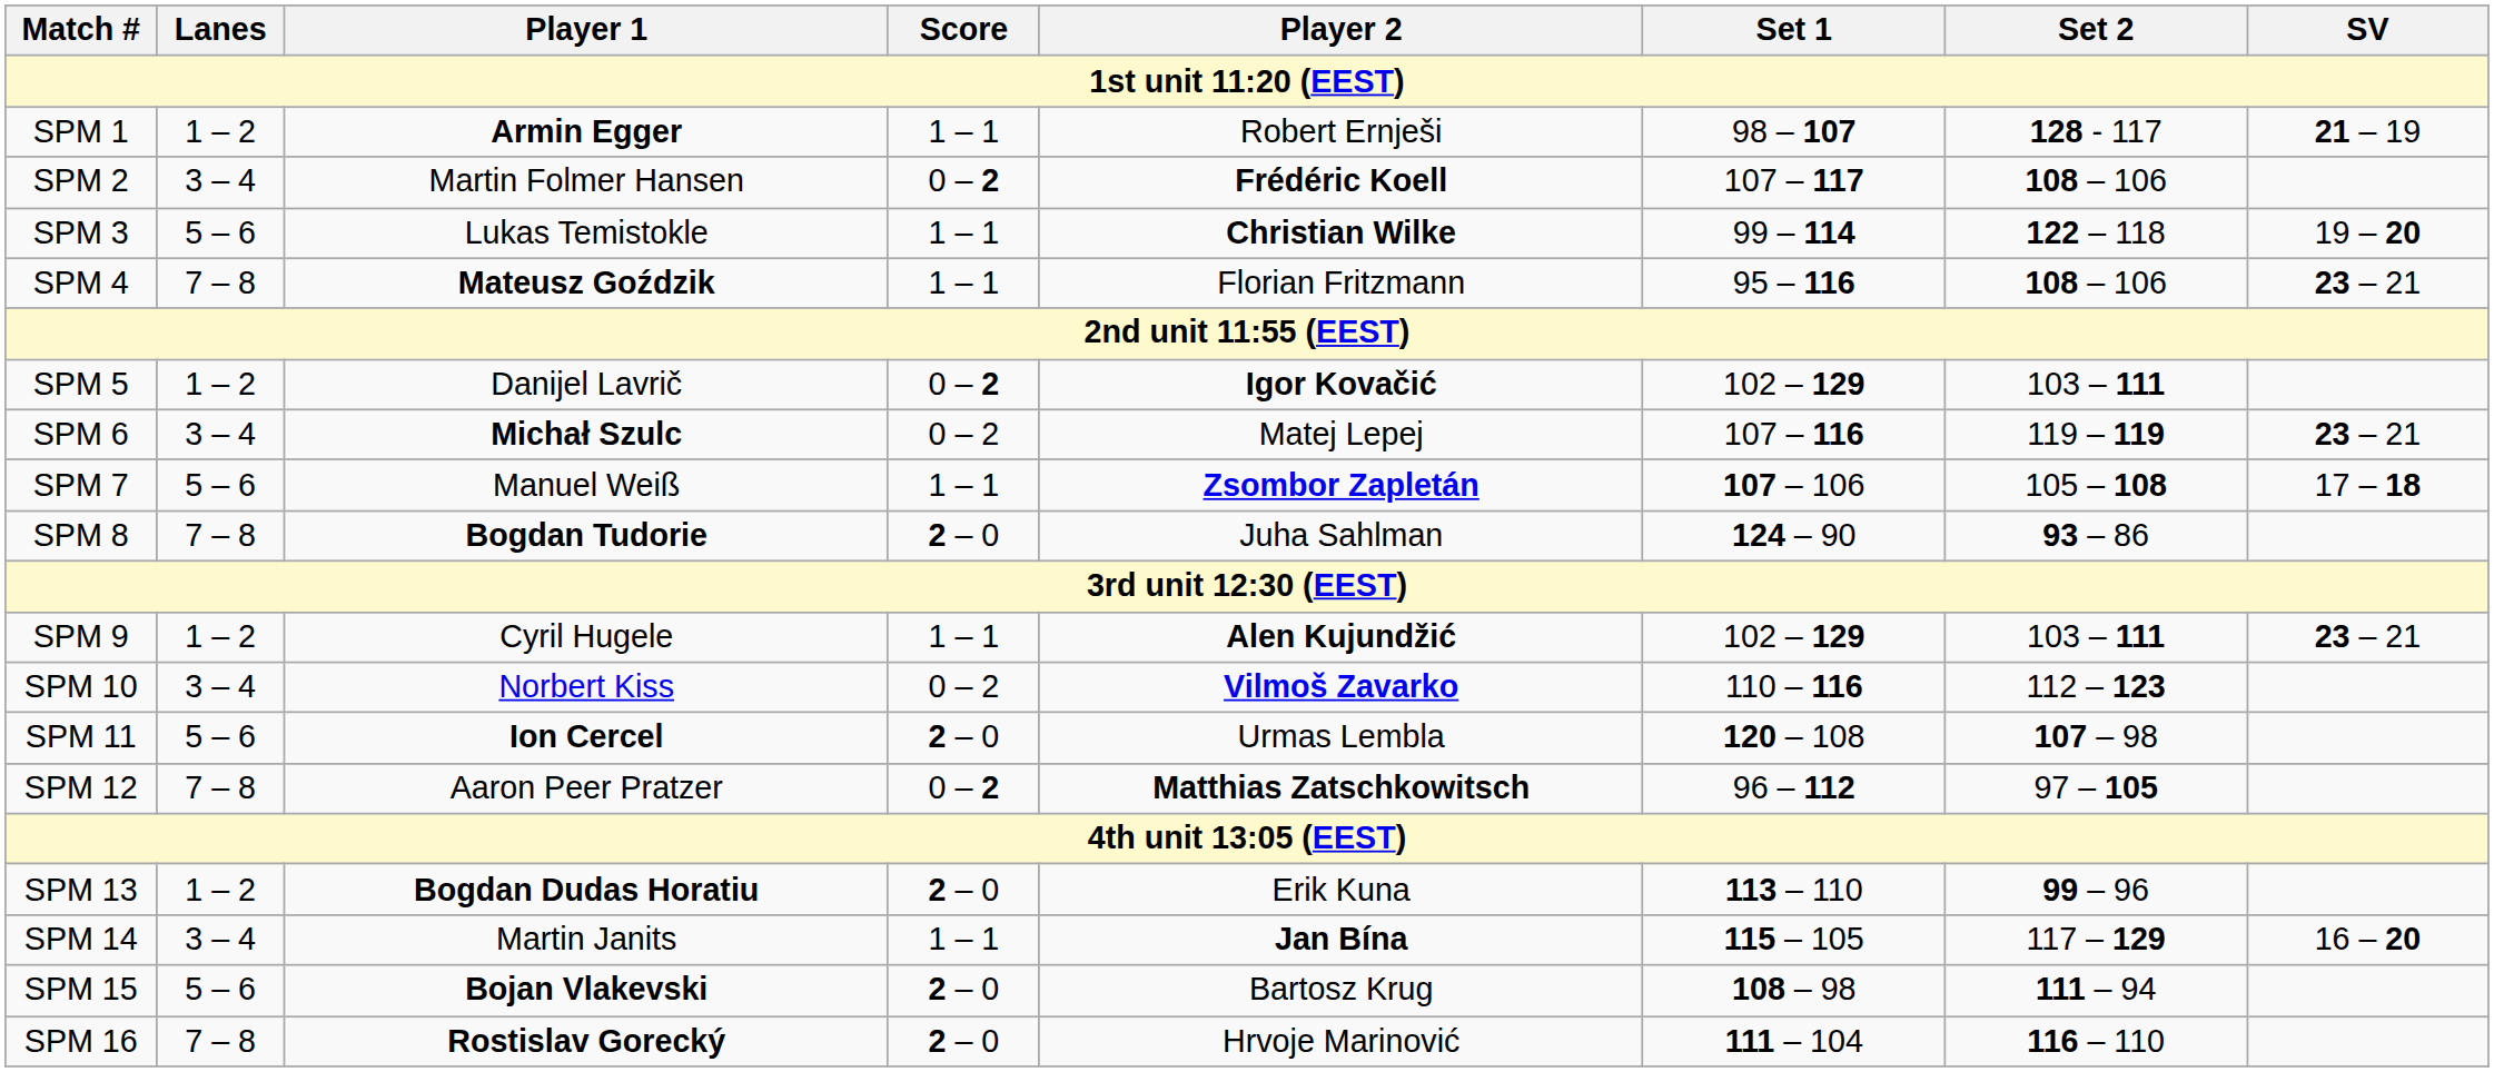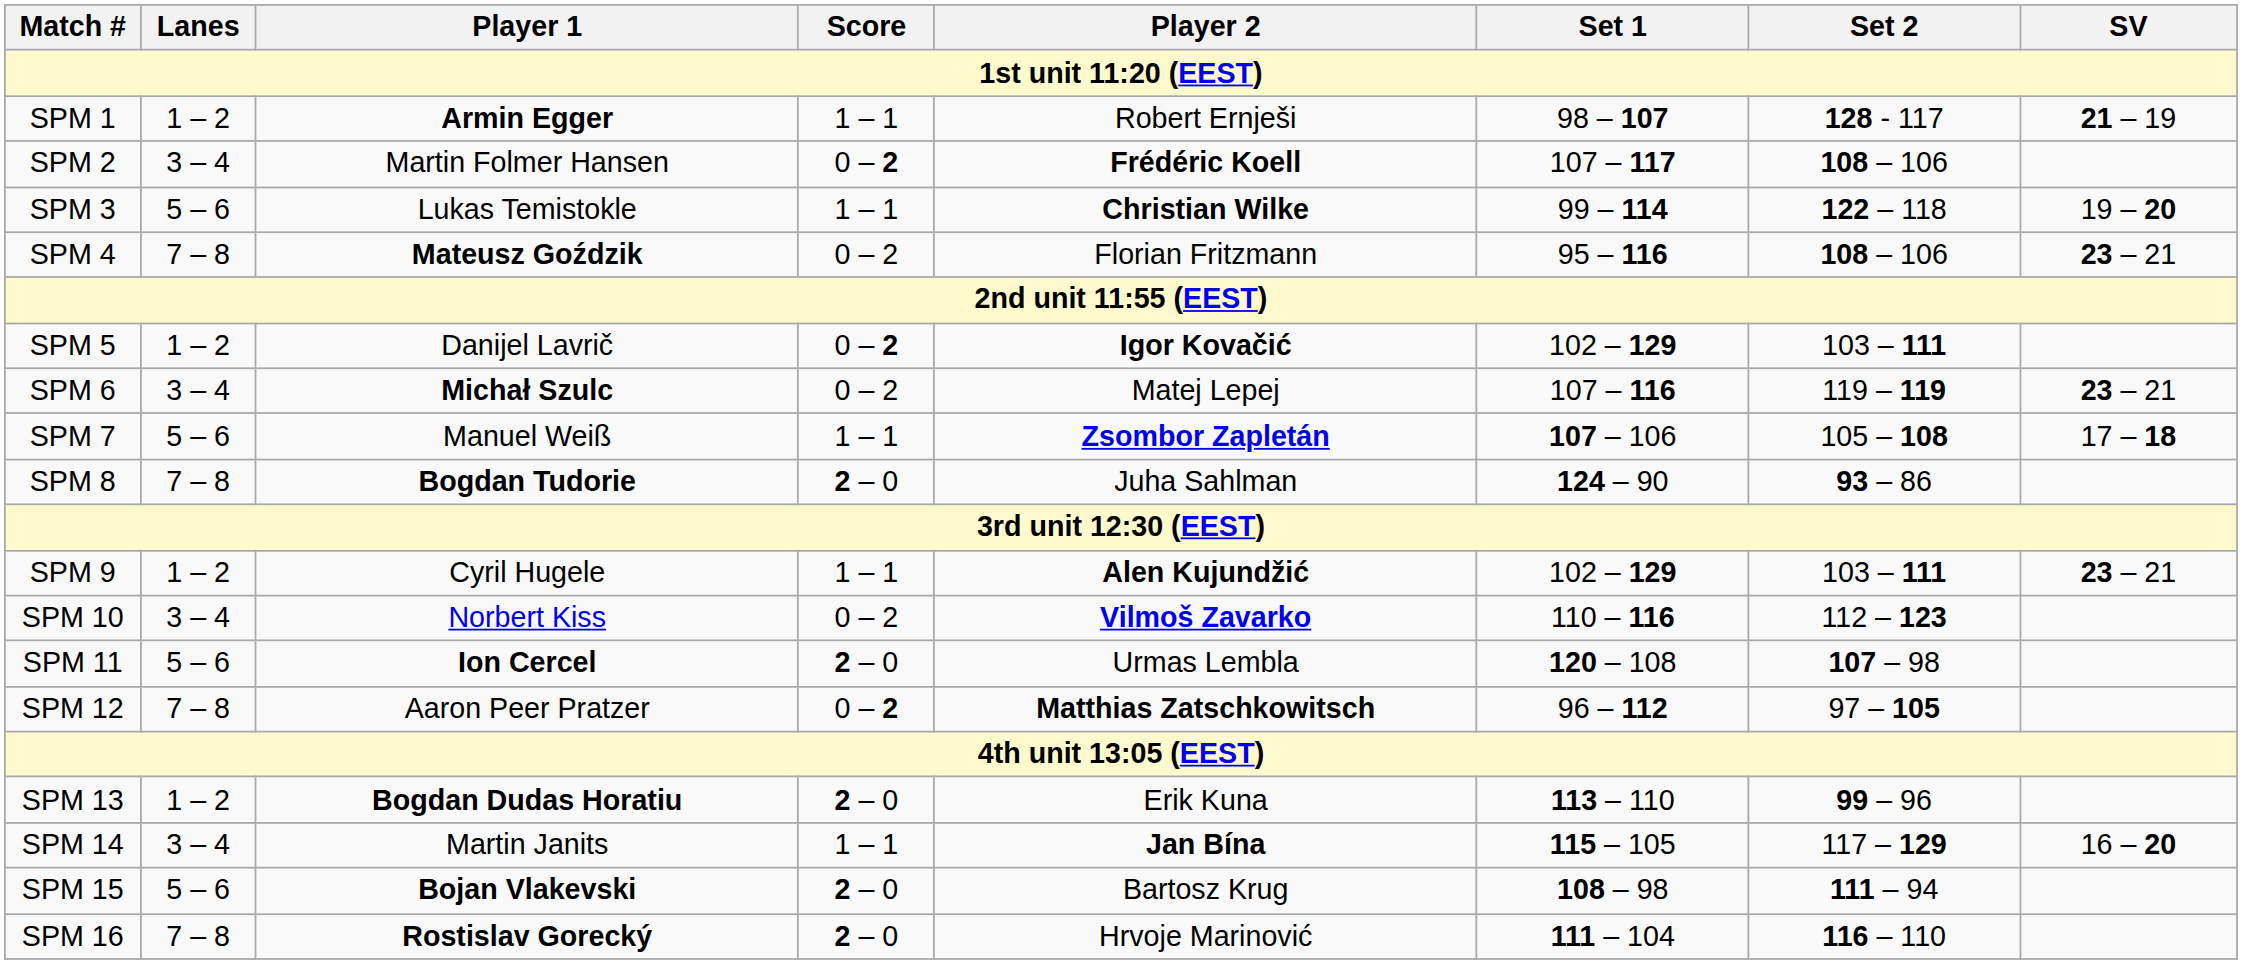 <table class="wikitable">
 <tr>
 <th width="5%">Match #</th>
 <th width="4%">Lanes</th>
 <th width="20%">Player 1</th>
 <th width="5%">Score</th>
 <th width="20%">Player 2</th>
 <th width="10%">Set 1</th>
 <th width="10%">Set 2</th>
 <th width="8%">SV</th>
 </tr>
 <tr>
 <td colspan="8" style="text-align:center; background-color:#FFFACD"><strong>1st unit 11:20 (<a href='#'>EEST</a>)</strong></td>
 </tr>
 <tr style=text-align:center;"background:#;">
 <td>SPM 1</td>
 <td>1 – 2</td>
 <td> <strong>Armin Egger</strong></td>
 <td>1 – 1</td>
 <td> Robert Ernješi</td>
 <td>98 – <strong>107</strong></td>
 <td><strong>128</strong> - 117</td>
 <td><strong>21</strong> – 19</td>
 </tr>
 <tr style=text-align:center;"background:#;">
 <td>SPM 2</td>
 <td>3 – 4</td>
 <td> Martin Folmer Hansen</td>
 <td>0 – <strong>2</strong></td>
 <td> <strong>Frédéric Koell</strong></td>
 <td>107 – <strong>117</strong></td>
 <td><strong>108</strong> – 106</td>
 <td></td>
 </tr>
 <tr style=text-align:center;"background:#;">
 <td>SPM 3</td>
 <td>5 – 6</td>
 <td> Lukas Temistokle</td>
 <td>1 – 1</td>
 <td> <strong>Christian Wilke</strong></td>
 <td>99 – <strong>114</strong></td>
 <td><strong>122</strong> – 118</td>
 <td>19 – <strong>20</strong></td>
 </tr>
 <tr style=text-align:center;"background:#;">
 <td>SPM 4</td>
 <td>7 – 8</td>
 <td> <strong>Mateusz Goździk</strong></td>
-<td>1 – 1</td>
+<td>0 – 2</td>
 <td> Florian Fritzmann</td>
 <td>95 – <strong>116</strong></td>
 <td><strong>108</strong> – 106</td>
 <td><strong>23</strong> – 21</td>
 </tr>
 <tr>
 <td colspan="8" style="text-align:center; background-color:#FFFACD"><strong>2nd unit 11:55 (<a href='#'>EEST</a>)</strong></td>
 </tr>
 <tr style=text-align:center;"background:#;">
 <td>SPM 5</td>
 <td>1 – 2</td>
 <td> Danijel Lavrič</td>
 <td>0 – <strong>2</strong></td>
 <td> <strong>Igor Kovačić</strong></td>
 <td>102 – <strong>129</strong></td>
 <td>103 – <strong>111</strong></td>
 <td></td>
 </tr>
 <tr style=text-align:center;"background:#;">
 <td>SPM 6</td>
 <td>3 – 4</td>
 <td> <strong>Michał Szulc</strong></td>
 <td>0 – 2</td>
 <td> Matej Lepej</td>
 <td>107 – <strong>116</strong></td>
 <td>119 – <strong>119</strong></td>
 <td><strong>23</strong> – 21</td>
 </tr>
 <tr style=text-align:center;"background:#;">
 <td>SPM 7</td>
 <td>5 – 6</td>
 <td> Manuel Weiß</td>
 <td>1 – 1</td>
 <td> <strong><a href='#'>Zsombor Zapletán</a></strong></td>
 <td><strong>107</strong> – 106</td>
 <td>105 – <strong>108</strong></td>
 <td>17 – <strong>18</strong></td>
 </tr>
 <tr style=text-align:center;"background:#;">
 <td>SPM 8</td>
 <td>7 – 8</td>
 <td> <strong>Bogdan Tudorie</strong></td>
 <td><strong>2</strong> – 0</td>
 <td> Juha Sahlman</td>
 <td><strong>124</strong> – 90</td>
 <td><strong>93</strong> – 86</td>
 <td></td>
 </tr>
 <tr>
 <td colspan="8" style="text-align:center; background-color:#FFFACD"><strong>3rd unit 12:30 (<a href='#'>EEST</a>)</strong></td>
 </tr>
 <tr style=text-align:center;"background:#;">
 <td>SPM 9</td>
 <td>1 – 2</td>
 <td> Cyril Hugele</td>
 <td>1 – 1</td>
 <td> <strong>Alen Kujundžić</strong></td>
 <td>102 – <strong>129</strong></td>
 <td>103 – <strong>111</strong></td>
 <td><strong>23</strong> – 21</td>
 </tr>
 <tr style=text-align:center;"background:#;">
 <td>SPM 10</td>
 <td>3 – 4</td>
 <td> <a href='#'>Norbert Kiss</a></td>
 <td>0 – 2</td>
 <td> <strong><a href='#'>Vilmoš Zavarko</a></strong></td>
 <td>110 – <strong>116</strong></td>
 <td>112 – <strong>123</strong></td>
 <td></td>
 </tr>
 <tr style=text-align:center;"background:#;">
 <td>SPM 11</td>
 <td>5 – 6</td>
 <td> <strong>Ion Cercel</strong></td>
 <td><strong>2</strong> – 0</td>
 <td> Urmas Lembla</td>
 <td><strong>120</strong> – 108</td>
 <td><strong>107</strong> – 98</td>
 <td></td>
 </tr>
 <tr style=text-align:center;"background:#;">
 <td>SPM 12</td>
 <td>7 – 8</td>
 <td> Aaron Peer Pratzer</td>
 <td>0 – <strong>2</strong></td>
 <td> <strong>Matthias Zatschkowitsch</strong></td>
 <td>96 – <strong>112</strong></td>
 <td>97 – <strong>105</strong></td>
 <td></td>
 </tr>
 <tr>
 <td colspan="8" style="text-align:center; background-color:#FFFACD"><strong>4th unit 13:05 (<a href='#'>EEST</a>)</strong></td>
 </tr>
 <tr style=text-align:center;"background:#;">
 <td>SPM 13</td>
 <td>1 – 2</td>
 <td><strong> Bogdan Dudas Horatiu</strong></td>
 <td><strong>2</strong> – 0</td>
 <td> Erik Kuna</td>
 <td><strong>113</strong> – 110</td>
 <td><strong>99</strong> – 96</td>
 <td></td>
 </tr>
 <tr style=text-align:center;"background:#;">
 <td>SPM 14</td>
 <td>3 – 4</td>
 <td> Martin Janits</td>
 <td>1 – 1</td>
 <td> <strong>Jan Bína</strong></td>
 <td><strong>115</strong> – 105</td>
 <td>117 – <strong>129</strong></td>
 <td>16 – <strong>20</strong></td>
 </tr>
 <tr style=text-align:center;"background:#;">
 <td>SPM 15</td>
 <td>5 – 6</td>
 <td><strong> Bojan Vlakevski</strong></td>
 <td><strong>2</strong> – 0</td>
 <td> Bartosz Krug</td>
 <td><strong>108</strong> – 98</td>
 <td><strong>111</strong> – 94</td>
 <td></td>
 </tr>
 <tr style=text-align:center;"background:#;">
 <td>SPM 16</td>
 <td>7 – 8</td>
 <td> <strong>Rostislav Gorecký</strong></td>
 <td><strong>2</strong> – 0</td>
 <td> Hrvoje Marinović</td>
 <td><strong>111</strong> – 104</td>
 <td><strong>116</strong> – 110</td>
 <td></td>
 </tr>
 </table>
